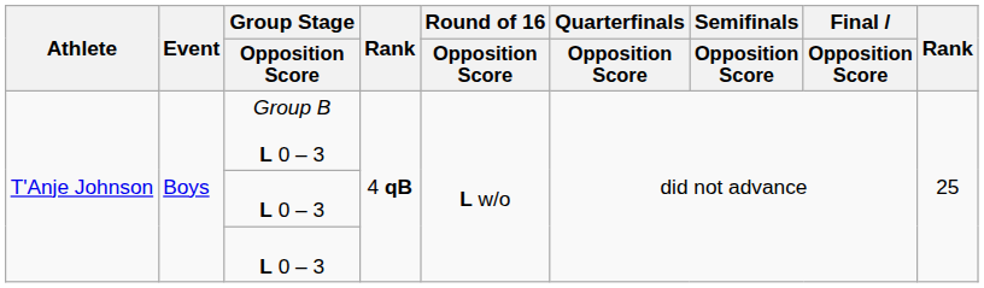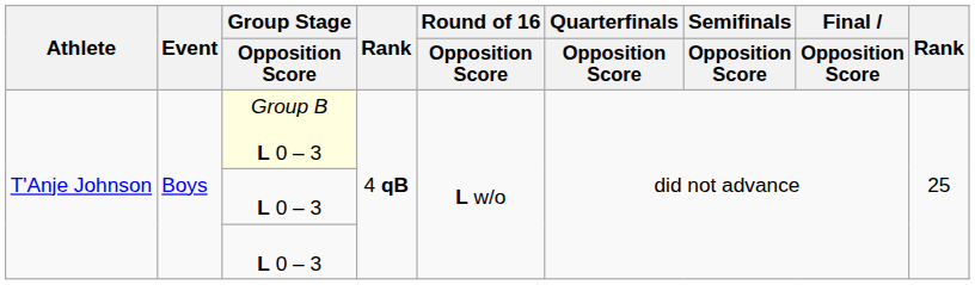 <table class=wikitable style="font-size:90%">
 <tr>
 <th rowspan="2">Athlete</th>
 <th rowspan="2">Event</th>
 <th>Group Stage</th>
 <th rowspan="2">Rank</th>
 <th>Round of 16</th>
 <th>Quarterfinals</th>
 <th>Semifinals</th>
 <th>Final / </th>
 <th rowspan=2>Rank</th>
 </tr>
 <tr style="font-size:95%">
 <th>Opposition<br>Score</th>
 <th>Opposition<br>Score</th>
 <th>Opposition<br>Score</th>
 <th>Opposition<br>Score</th>
 <th>Opposition<br>Score</th>
 </tr>
 <tr align=center>
 <td align=left rowspan=3><a href='#'>T'Anje Johnson</a></td>
 <td align=left rowspan=3><a href='#'>Boys</a></td>
-<td><em>Group B</em><br><br><strong>L</strong> 0 – 3</td>
+<td style="background: lightyellow;"><em>Group B</em><br><br><strong>L</strong> 0 – 3</td>
 <td rowspan=3>4 <strong>qB</strong></td>
 <td rowspan=3><br><strong>L</strong> w/o</td>
 <td rowspan=3 colspan=3>did not advance</td>
 <td rowspan=3>25</td>
 </tr>
 <tr align=center>
 <td><br><strong>L</strong> 0 – 3</td>
 </tr>
 <tr align=center>
 <td><br><strong>L</strong> 0 – 3</td>
 </tr>
 </table>
